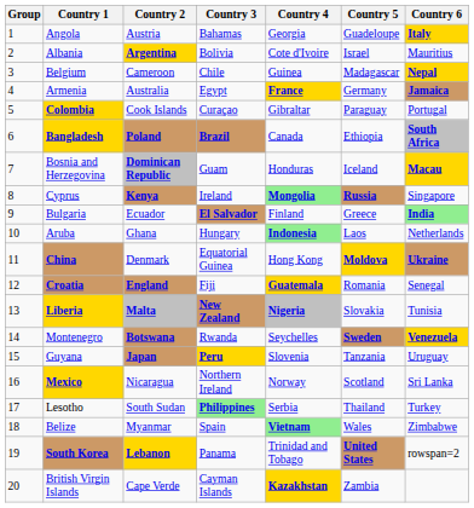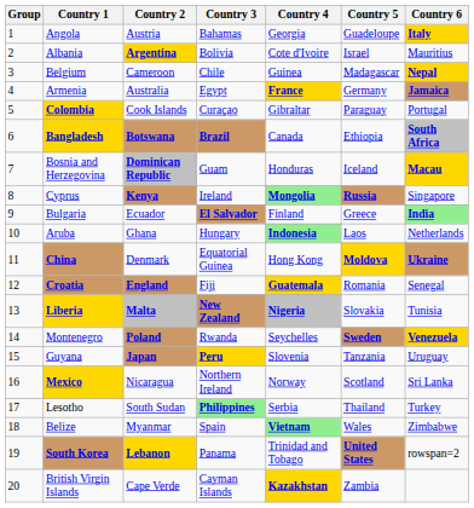 <table class="wikitable sortable" style="font-size: 95%;">
 <tr>
 <th>Group</th>
 <th>Country 1</th>
 <th>Country 2</th>
 <th>Country 3</th>
 <th>Country 4</th>
 <th>Country 5</th>
 <th>Country 6</th>
 </tr>
 <tr>
 <td>1</td>
 <td> <a href='#'>Angola</a></td>
 <td> <a href='#'>Austria</a></td>
 <td> <a href='#'>Bahamas</a></td>
 <td> <a href='#'>Georgia</a></td>
 <td> <a href='#'>Guadeloupe</a></td>
 <td bgcolor="gold"><strong> <a href='#'>Italy</a></strong></td>
 </tr>
 <tr>
 <td>2</td>
 <td> <a href='#'>Albania</a></td>
 <td bgcolor="gold"><strong> <a href='#'>Argentina</a></strong></td>
 <td> <a href='#'>Bolivia</a></td>
 <td> <a href='#'>Cote d'Ivoire</a></td>
 <td> <a href='#'>Israel</a></td>
 <td> <a href='#'>Mauritius</a></td>
 </tr>
 <tr>
 <td>3</td>
 <td> <a href='#'>Belgium</a></td>
 <td> <a href='#'>Cameroon</a></td>
 <td> <a href='#'>Chile</a></td>
 <td> <a href='#'>Guinea</a></td>
 <td> <a href='#'>Madagascar</a></td>
 <td bgcolor="gold"><strong> <a href='#'>Nepal</a></strong></td>
 </tr>
 <tr>
 <td>4</td>
 <td> <a href='#'>Armenia</a></td>
 <td> <a href='#'>Australia</a></td>
 <td> <a href='#'>Egypt</a></td>
 <td bgcolor="gold"> <strong><a href='#'>France</a></strong></td>
 <td> <a href='#'>Germany</a></td>
 <td bgcolor="#cc9966"><strong> <a href='#'>Jamaica</a></strong></td>
 </tr>
 <tr>
 <td>5</td>
 <td bgcolor="gold"><strong> <a href='#'>Colombia</a></strong></td>
 <td> <a href='#'>Cook Islands</a></td>
 <td> <a href='#'>Curaçao</a></td>
 <td> <a href='#'>Gibraltar</a></td>
 <td> <a href='#'>Paraguay</a></td>
 <td> <a href='#'>Portugal</a></td>
 </tr>
 <tr>
 <td>6</td>
 <td bgcolor="gold"><strong> <a href='#'>Bangladesh</a></strong></td>
-<td bgcolor="#cc9966"><strong> <a href='#'>Poland</a></strong></td>
+<td bgcolor="#cc9966"><strong> <a href='#'>Botswana</a></strong></td>
 <td bgcolor="#cc9966"><strong> <a href='#'>Brazil</a></strong></td>
 <td> <a href='#'>Canada</a></td>
 <td> <a href='#'>Ethiopia</a></td>
 <td bgcolor="silver"><strong> <a href='#'>South Africa</a></strong></td>
 </tr>
 <tr>
 <td>7</td>
 <td> <a href='#'>Bosnia and Herzegovina</a></td>
 <td bgcolor="silver"> <strong><a href='#'>Dominican Republic</a></strong></td>
 <td> <a href='#'>Guam</a></td>
 <td> <a href='#'>Honduras</a></td>
 <td> <a href='#'>Iceland</a></td>
 <td bgcolor="gold"><strong> <a href='#'>Macau</a></strong></td>
 </tr>
 <tr>
 <td>8</td>
 <td> <a href='#'>Cyprus</a></td>
 <td bgcolor="#cc9966"><strong> <a href='#'>Kenya</a></strong></td>
 <td> <a href='#'>Ireland</a></td>
 <td bgcolor="lightgreen"><strong> <a href='#'>Mongolia</a></strong></td>
 <td bgcolor="#cc9966"><strong> <a href='#'>Russia</a></strong></td>
 <td> <a href='#'>Singapore</a></td>
 </tr>
 <tr>
 <td>9</td>
 <td> <a href='#'>Bulgaria</a></td>
 <td> <a href='#'>Ecuador</a></td>
 <td bgcolor="#cc9966"><strong> <a href='#'>El Salvador</a></strong></td>
 <td> <a href='#'>Finland</a></td>
 <td> <a href='#'>Greece</a></td>
 <td bgcolor="lightgreen"><strong> <a href='#'>India</a></strong></td>
 </tr>
 <tr>
 <td>10</td>
 <td> <a href='#'>Aruba</a></td>
 <td> <a href='#'>Ghana</a></td>
 <td> <a href='#'>Hungary</a></td>
 <td bgcolor="lightgreen"><strong> <a href='#'>Indonesia</a></strong></td>
 <td> <a href='#'>Laos</a></td>
 <td> <a href='#'>Netherlands</a></td>
 </tr>
 <tr>
 <td>11</td>
 <td bgcolor="#cc9966"><strong> <a href='#'>China</a></strong></td>
 <td> <a href='#'>Denmark</a></td>
 <td> <a href='#'>Equatorial Guinea</a></td>
 <td> <a href='#'>Hong Kong</a></td>
 <td bgcolor="gold"><strong> <a href='#'>Moldova</a></strong></td>
 <td bgcolor="#cc9966"><strong> <a href='#'>Ukraine</a></strong></td>
 </tr>
 <tr>
 <td>12</td>
 <td bgcolor="#cc9966"><strong> <a href='#'>Croatia</a></strong></td>
 <td bgcolor="#cc9966"><strong> <a href='#'>England</a></strong></td>
 <td> <a href='#'>Fiji</a></td>
 <td bgcolor="gold"><strong> <a href='#'>Guatemala</a></strong></td>
 <td> <a href='#'>Romania</a></td>
 <td> <a href='#'>Senegal</a></td>
 </tr>
 <tr>
 <td>13</td>
 <td bgcolor="gold"><strong> <a href='#'>Liberia</a></strong></td>
 <td bgcolor="silver"><strong> <a href='#'>Malta</a></strong></td>
 <td bgcolor="#cc9966"><strong> <a href='#'>New Zealand</a></strong></td>
 <td bgcolor="silver"><strong> <a href='#'>Nigeria</a></strong></td>
 <td> <a href='#'>Slovakia</a></td>
 <td> <a href='#'>Tunisia</a></td>
 </tr>
 <tr>
 <td>14</td>
 <td> <a href='#'>Montenegro</a></td>
-<td bgcolor="#cc9966"><strong> <a href='#'>Botswana</a></strong></td>
+<td bgcolor="#cc9966"><strong> <a href='#'>Poland</a></strong></td>
 <td> <a href='#'>Rwanda</a></td>
 <td> <a href='#'>Seychelles</a></td>
 <td bgcolor="#cc9966"><strong> <a href='#'>Sweden</a></strong></td>
 <td bgcolor="gold"><strong> <a href='#'>Venezuela</a></strong></td>
 </tr>
 <tr>
 <td>15</td>
 <td> <a href='#'>Guyana</a></td>
 <td bgcolor="#cc9966"><strong> <a href='#'>Japan</a></strong></td>
 <td bgcolor="gold"><strong> <a href='#'>Peru</a></strong></td>
 <td> <a href='#'>Slovenia</a></td>
 <td> <a href='#'>Tanzania</a></td>
 <td> <a href='#'>Uruguay</a></td>
 </tr>
 <tr>
 <td>16</td>
 <td bgcolor="gold"><strong> <a href='#'>Mexico</a></strong></td>
 <td> <a href='#'>Nicaragua</a></td>
 <td> <a href='#'>Northern Ireland</a></td>
 <td> <a href='#'>Norway</a></td>
 <td> <a href='#'>Scotland</a></td>
 <td> <a href='#'>Sri Lanka</a></td>
 </tr>
 <tr>
 <td>17</td>
 <td> Lesotho</td>
 <td> <a href='#'>South Sudan</a></td>
 <td bgcolor="lightgreen"><strong> <a href='#'>Philippines</a></strong></td>
 <td> <a href='#'>Serbia</a></td>
 <td> <a href='#'>Thailand</a></td>
 <td> <a href='#'>Turkey</a></td>
 </tr>
 <tr>
 <td>18</td>
 <td> <a href='#'>Belize</a></td>
 <td> <a href='#'>Myanmar</a></td>
 <td> <a href='#'>Spain</a></td>
 <td bgcolor="lightgreen"><strong> <a href='#'>Vietnam</a></strong></td>
 <td> <a href='#'>Wales</a></td>
 <td> <a href='#'>Zimbabwe</a></td>
 </tr>
 <tr>
 <td>19</td>
 <td bgcolor="#cc9966"><strong> <a href='#'>South Korea</a></strong></td>
 <td bgcolor="gold"><strong> <a href='#'>Lebanon</a></strong></td>
 <td> <a href='#'>Panama</a></td>
 <td> <a href='#'>Trinidad and Tobago</a></td>
 <td bgcolor="#cc9966"><strong> <a href='#'>United States</a></strong></td>
 <td>rowspan=2 </td>
 </tr>
 <tr>
 <td>20</td>
 <td> <a href='#'>British Virgin Islands</a></td>
 <td> <a href='#'>Cape Verde</a></td>
 <td> <a href='#'>Cayman Islands</a></td>
 <td bgcolor="gold"><strong> <a href='#'>Kazakhstan</a></strong></td>
 <td> <a href='#'>Zambia</a></td>
 </tr>
 </table>
